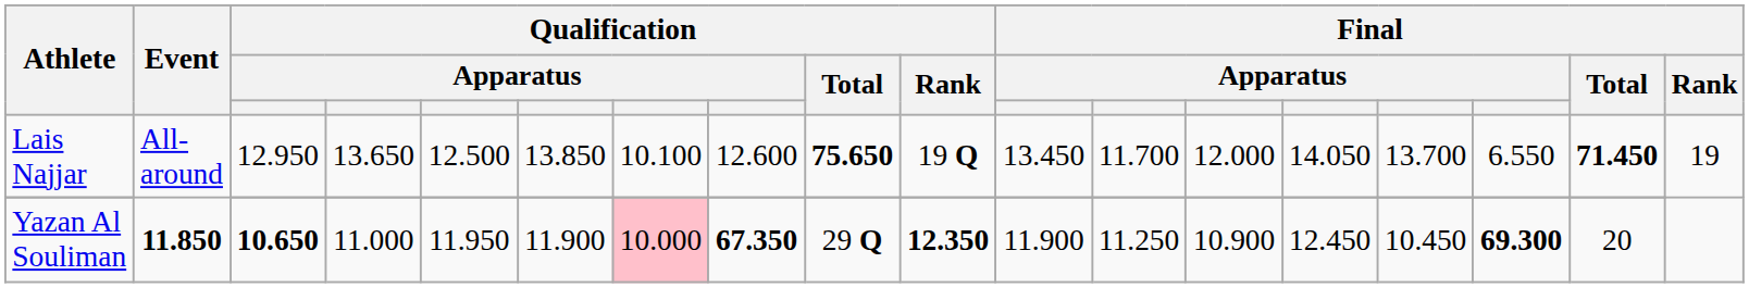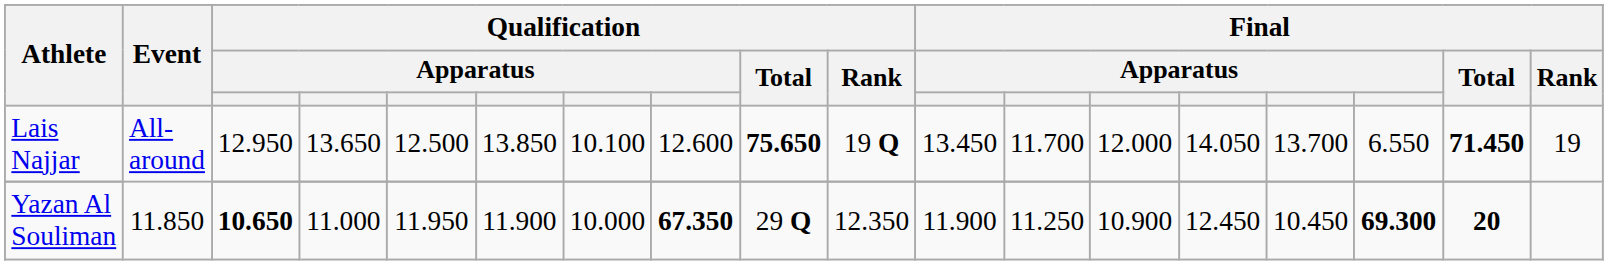 <table class="wikitable" style="font-size:90%">
 <tr>
 <th rowspan=3>Athlete</th>
 <th rowspan=3>Event</th>
 <th colspan =8>Qualification</th>
 <th colspan =8>Final</th>
 </tr>
 <tr style="font-size:95%">
 <th colspan=6>Apparatus</th>
 <th rowspan=2>Total</th>
 <th rowspan=2>Rank</th>
 <th colspan=6>Apparatus</th>
 <th rowspan=2>Total</th>
 <th rowspan=2>Rank</th>
 </tr>
 <tr style="font-size:95%">
 <th></th>
 <th></th>
 <th></th>
 <th></th>
 <th></th>
 <th></th>
 <th></th>
 <th></th>
 <th></th>
 <th></th>
 <th></th>
 <th></th>
 </tr>
 <tr align=center>
 <td align=left><a href='#'>Lais Najjar</a></td>
 <td align=left rowspan=2><a href='#'>All-around</a></td>
 <td>12.950</td>
 <td>13.650</td>
 <td>12.500</td>
 <td>13.850</td>
 <td>10.100</td>
 <td>12.600</td>
 <td><strong>75.650</strong></td>
 <td>19 <strong>Q</strong></td>
 <td>13.450</td>
 <td>11.700</td>
 <td>12.000</td>
 <td>14.050</td>
 <td>13.700</td>
 <td>6.550</td>
 <td><strong>71.450</strong></td>
 <td>19</td>
 </tr>
 <tr align=center>
 </tr>
 <tr align=center>
 <td align=left><a href='#'>Yazan Al Souliman</a></td>
-<td><strong>11.850</strong></td>
+<td>11.850</td>
 <td><strong>10.650</strong></td>
 <td>11.000</td>
 <td>11.950</td>
 <td>11.900</td>
-<td style="background: pink;">10.000</td>
+<td>10.000</td>
 <td><strong>67.350</strong></td>
 <td>29 <strong>Q</strong></td>
-<td><strong>12.350</strong></td>
+<td>12.350</td>
 <td>11.900</td>
 <td>11.250</td>
 <td>10.900</td>
 <td>12.450</td>
 <td>10.450</td>
 <td><strong>69.300</strong></td>
-<td>20</td>
+<td><strong>20</strong></td>
 </tr>
 </table>
